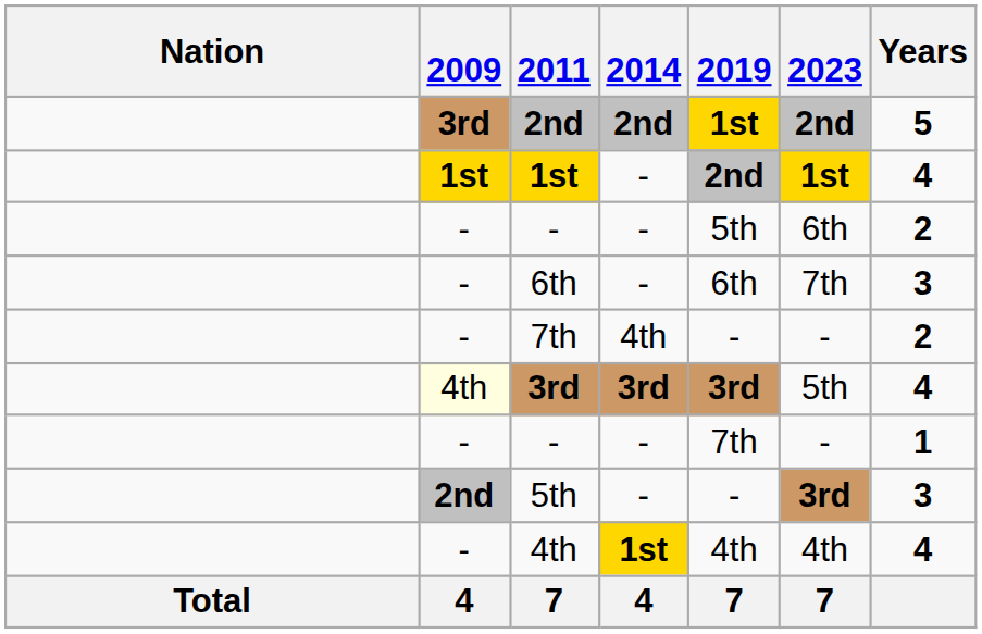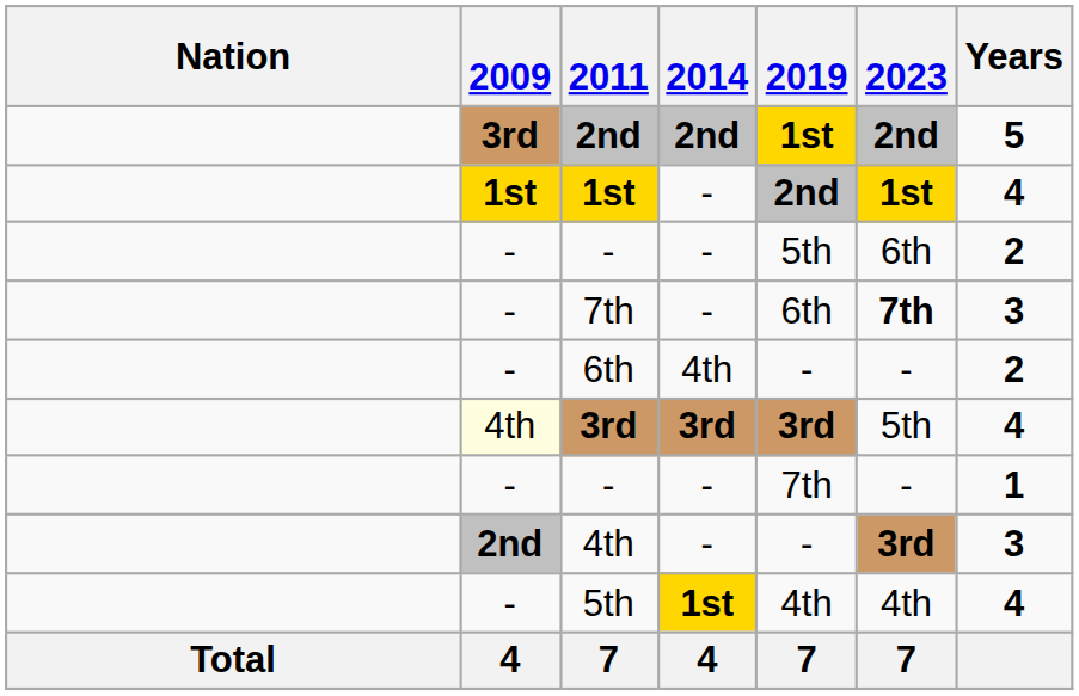 <table class="wikitable" style="text-align:center; font-size:90%">
 <tr>
 <th width=170>Nation</th>
 <th><br><a href='#'>2009</a></th>
 <th><br><a href='#'>2011</a></th>
 <th><br><a href='#'>2014</a></th>
 <th><br><a href='#'>2019</a></th>
 <th><br><a href='#'>2023</a></th>
 <th>Years</th>
 </tr>
 <tr>
 <td align=left></td>
 <td bgcolor=#cc9966><strong>3rd</strong></td>
 <td bgcolor=silver><strong>2nd</strong></td>
 <td bgcolor=silver><strong>2nd</strong></td>
 <td bgcolor=gold><strong>1st</strong></td>
 <td bgcolor=silver><strong>2nd</strong></td>
 <td><strong>5</strong></td>
 </tr>
 <tr>
 <td align=left></td>
 <td bgcolor=gold><strong>1st</strong></td>
 <td bgcolor=gold><strong>1st</strong></td>
 <td>-</td>
 <td bgcolor=silver><strong>2nd</strong></td>
 <td bgcolor=gold><strong>1st</strong></td>
 <td><strong>4</strong></td>
 </tr>
 <tr>
 <td align=left></td>
 <td>-</td>
 <td>-</td>
 <td>-</td>
 <td>5th</td>
 <td>6th</td>
 <td><strong>2</strong></td>
 </tr>
 <tr>
 <td align=left></td>
 <td>-</td>
-<td>6th</td>
+<td>7th</td>
 <td>-</td>
 <td>6th</td>
-<td>7th</td>
+<td><strong>7th</strong></td>
 <td><strong>3</strong></td>
 </tr>
 <tr>
 <td align=left></td>
 <td>-</td>
-<td>7th</td>
+<td>6th</td>
 <td>4th</td>
 <td>-</td>
 <td>-</td>
 <td><strong>2</strong></td>
 </tr>
 <tr>
 <td align=left></td>
 <td style="background: lightyellow;">4th</td>
 <td bgcolor=#cc9966><strong>3rd</strong></td>
 <td bgcolor=#cc9966><strong>3rd</strong></td>
 <td bgcolor=#cc9966><strong>3rd</strong></td>
 <td>5th</td>
 <td><strong>4</strong></td>
 </tr>
 <tr>
 <td align=left></td>
 <td>-</td>
 <td>-</td>
 <td>-</td>
 <td>7th</td>
 <td>-</td>
 <td><strong>1</strong></td>
 </tr>
 <tr>
 <td align=left></td>
 <td bgcolor=silver><strong>2nd</strong></td>
-<td>5th</td>
+<td>4th</td>
 <td>-</td>
 <td>-</td>
 <td bgcolor=#cc9966><strong>3rd</strong></td>
 <td><strong>3</strong></td>
 </tr>
 <tr>
 <td align=left></td>
 <td>-</td>
-<td>4th</td>
+<td>5th</td>
 <td bgcolor=gold><strong>1st</strong></td>
 <td>4th</td>
 <td>4th</td>
 <td><strong>4</strong></td>
 </tr>
 <tr>
 <th>Total</th>
 <th>4</th>
 <th>7</th>
 <th>4</th>
 <th>7</th>
 <th>7</th>
 <th></th>
 </tr>
 </table>
